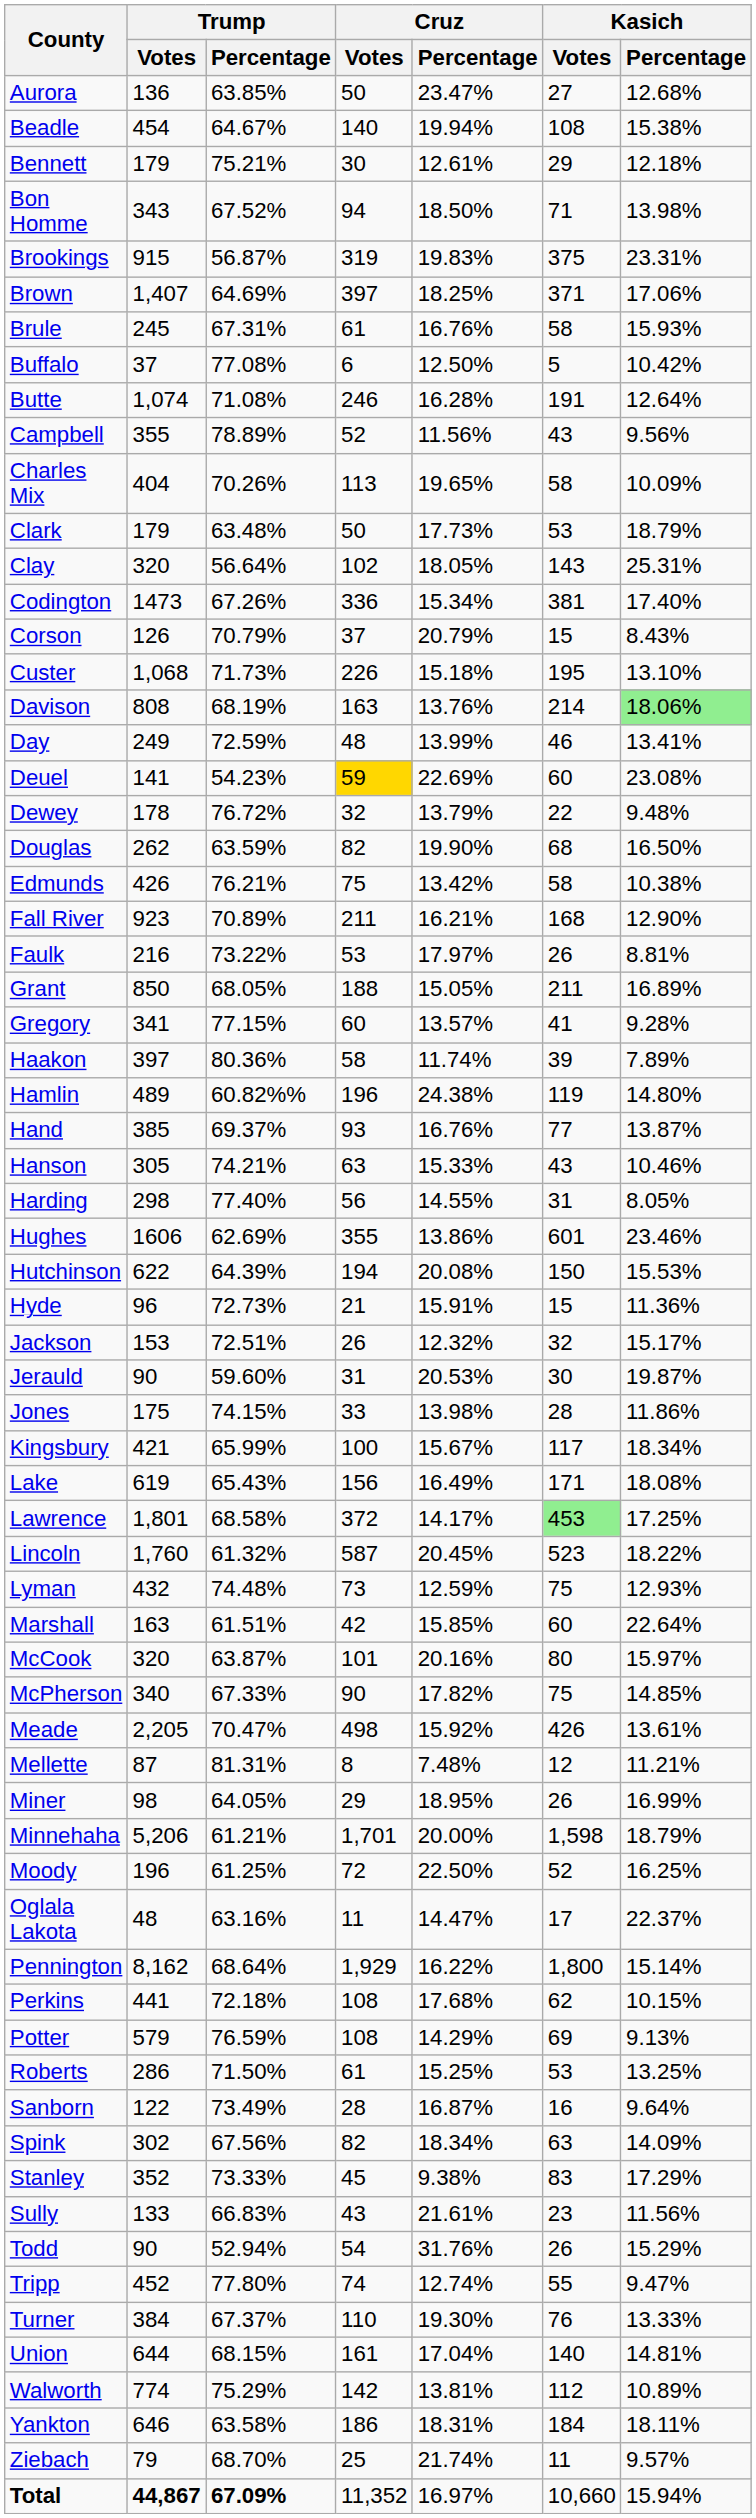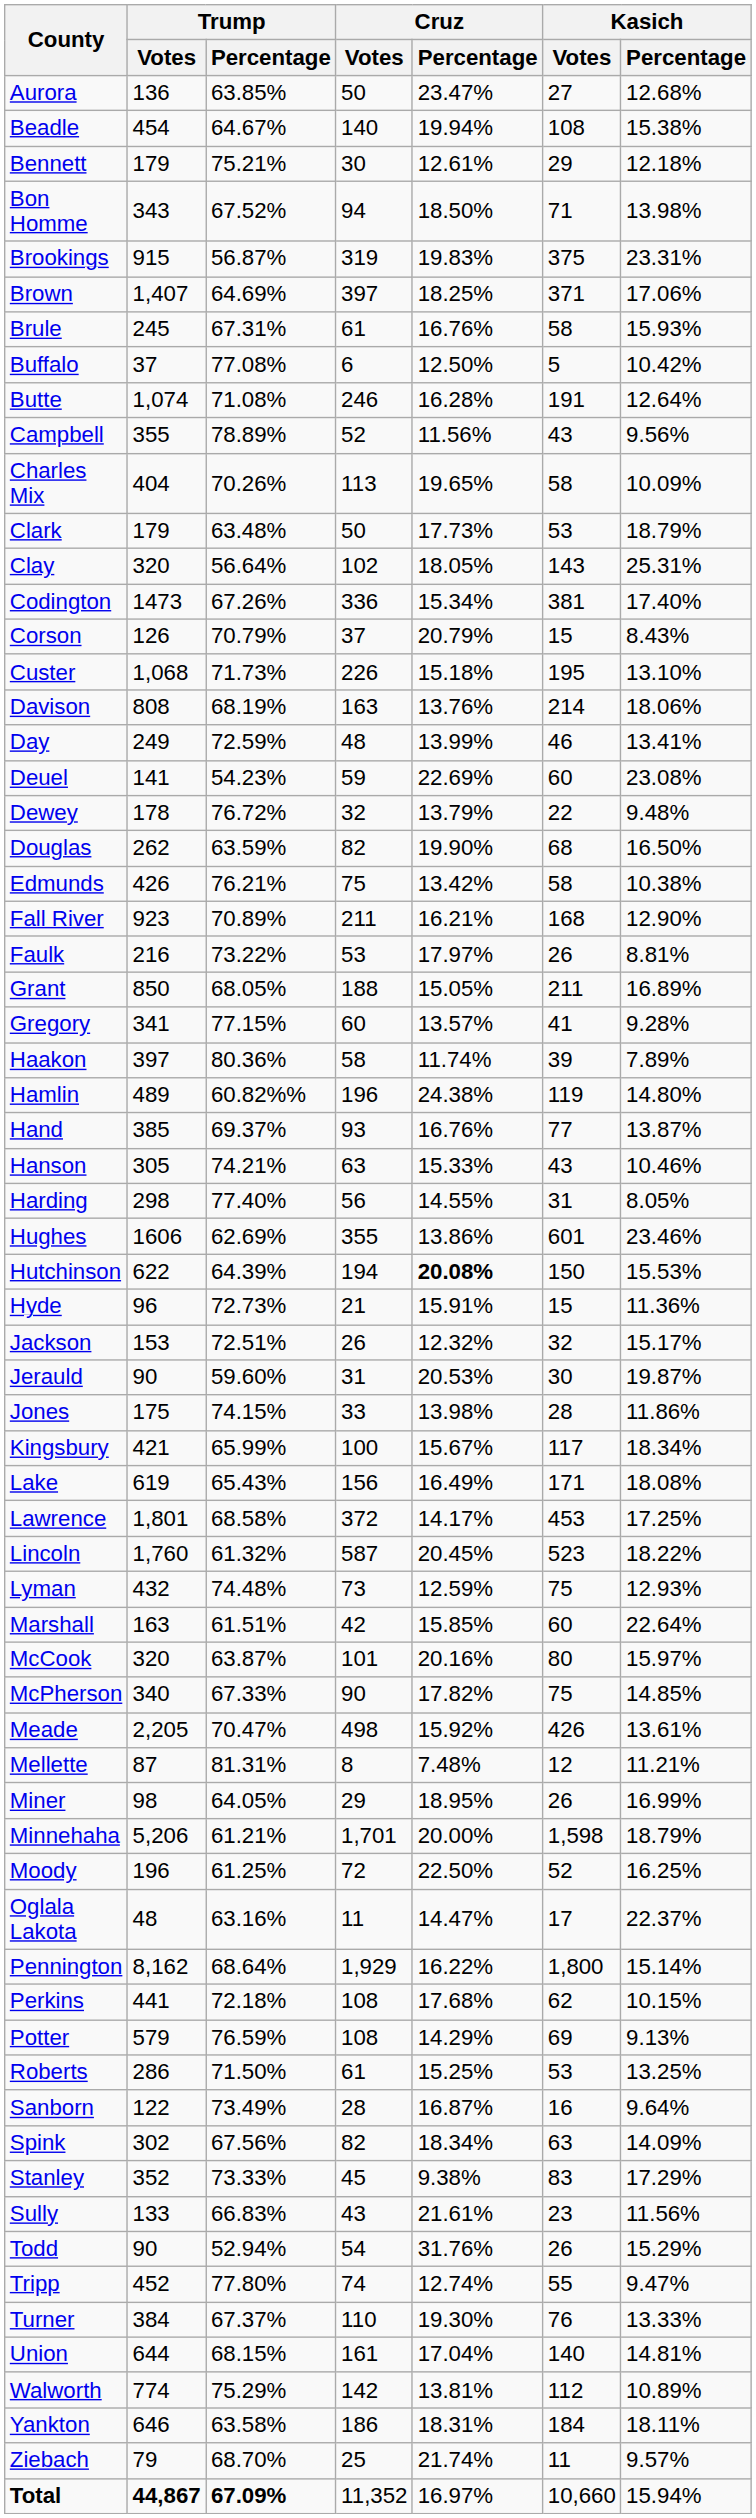 <table width="60%" class="wikitable sortable">
 <tr>
 <th rowspan="2">County</th>
 <th colspan="2">Trump</th>
 <th colspan="2">Cruz</th>
 <th colspan="2">Kasich</th>
 </tr>
 <tr bgcolor="lightgrey">
 <th width="10%">Votes</th>
 <th width="10%">Percentage</th>
 <th width="10%">Votes</th>
 <th width="10%">Percentage</th>
 <th width="10%">Votes</th>
 <th width="10%">Percentage</th>
 </tr>
 <tr>
 <td><a href='#'>Aurora</a></td>
 <td>136</td>
 <td>63.85%</td>
 <td>50</td>
 <td>23.47%</td>
 <td>27</td>
 <td>12.68%</td>
 </tr>
 <tr>
 <td><a href='#'>Beadle</a></td>
 <td>454</td>
 <td>64.67%</td>
 <td>140</td>
 <td>19.94%</td>
 <td>108</td>
 <td>15.38%</td>
 </tr>
 <tr>
 <td><a href='#'>Bennett</a></td>
 <td>179</td>
 <td>75.21%</td>
 <td>30</td>
 <td>12.61%</td>
 <td>29</td>
 <td>12.18%</td>
 </tr>
 <tr>
 <td><a href='#'>Bon Homme</a></td>
 <td>343</td>
 <td>67.52%</td>
 <td>94</td>
 <td>18.50%</td>
 <td>71</td>
 <td>13.98%</td>
 </tr>
 <tr>
 <td><a href='#'>Brookings</a></td>
 <td>915</td>
 <td>56.87%</td>
 <td>319</td>
 <td>19.83%</td>
 <td>375</td>
 <td>23.31%</td>
 </tr>
 <tr>
 <td><a href='#'>Brown</a></td>
 <td>1,407</td>
 <td>64.69%</td>
 <td>397</td>
 <td>18.25%</td>
 <td>371</td>
 <td>17.06%</td>
 </tr>
 <tr>
 <td><a href='#'>Brule</a></td>
 <td>245</td>
 <td>67.31%</td>
 <td>61</td>
 <td>16.76%</td>
 <td>58</td>
 <td>15.93%</td>
 </tr>
 <tr>
 <td><a href='#'>Buffalo</a></td>
 <td>37</td>
 <td>77.08%</td>
 <td>6</td>
 <td>12.50%</td>
 <td>5</td>
 <td>10.42%</td>
 </tr>
 <tr>
 <td><a href='#'>Butte</a></td>
 <td>1,074</td>
 <td>71.08%</td>
 <td>246</td>
 <td>16.28%</td>
 <td>191</td>
 <td>12.64%</td>
 </tr>
 <tr>
 <td><a href='#'>Campbell</a></td>
 <td>355</td>
 <td>78.89%</td>
 <td>52</td>
 <td>11.56%</td>
 <td>43</td>
 <td>9.56%</td>
 </tr>
 <tr>
 <td><a href='#'>Charles Mix</a></td>
 <td>404</td>
 <td>70.26%</td>
 <td>113</td>
 <td>19.65%</td>
 <td>58</td>
 <td>10.09%</td>
 </tr>
 <tr>
 <td><a href='#'>Clark</a></td>
 <td>179</td>
 <td>63.48%</td>
 <td>50</td>
 <td>17.73%</td>
 <td>53</td>
 <td>18.79%</td>
 </tr>
 <tr>
 <td><a href='#'>Clay</a></td>
 <td>320</td>
 <td>56.64%</td>
 <td>102</td>
 <td>18.05%</td>
 <td>143</td>
 <td>25.31%</td>
 </tr>
 <tr>
 <td><a href='#'>Codington</a></td>
 <td>1473</td>
 <td>67.26%</td>
 <td>336</td>
 <td>15.34%</td>
 <td>381</td>
 <td>17.40%</td>
 </tr>
 <tr>
 <td><a href='#'>Corson</a></td>
 <td>126</td>
 <td>70.79%</td>
 <td>37</td>
 <td>20.79%</td>
 <td>15</td>
 <td>8.43%</td>
 </tr>
 <tr>
 <td><a href='#'>Custer</a></td>
 <td>1,068</td>
 <td>71.73%</td>
 <td>226</td>
 <td>15.18%</td>
 <td>195</td>
 <td>13.10%</td>
 </tr>
 <tr>
 <td><a href='#'>Davison</a></td>
 <td>808</td>
 <td>68.19%</td>
 <td>163</td>
 <td>13.76%</td>
 <td>214</td>
-<td style="background: lightgreen;">18.06%</td>
+<td>18.06%</td>
 </tr>
 <tr>
 <td><a href='#'>Day</a></td>
 <td>249</td>
 <td>72.59%</td>
 <td>48</td>
 <td>13.99%</td>
 <td>46</td>
 <td>13.41%</td>
 </tr>
 <tr>
 <td><a href='#'>Deuel</a></td>
 <td>141</td>
 <td>54.23%</td>
-<td style="background: gold;">59</td>
+<td>59</td>
 <td>22.69%</td>
 <td>60</td>
 <td>23.08%</td>
 </tr>
 <tr>
 <td><a href='#'>Dewey</a></td>
 <td>178</td>
 <td>76.72%</td>
 <td>32</td>
 <td>13.79%</td>
 <td>22</td>
 <td>9.48%</td>
 </tr>
 <tr>
 <td><a href='#'>Douglas</a></td>
 <td>262</td>
 <td>63.59%</td>
 <td>82</td>
 <td>19.90%</td>
 <td>68</td>
 <td>16.50%</td>
 </tr>
 <tr>
 <td><a href='#'>Edmunds</a></td>
 <td>426</td>
 <td>76.21%</td>
 <td>75</td>
 <td>13.42%</td>
 <td>58</td>
 <td>10.38%</td>
 </tr>
 <tr>
 <td><a href='#'>Fall River</a></td>
 <td>923</td>
 <td>70.89%</td>
 <td>211</td>
 <td>16.21%</td>
 <td>168</td>
 <td>12.90%</td>
 </tr>
 <tr>
 <td><a href='#'>Faulk</a></td>
 <td>216</td>
 <td>73.22%</td>
 <td>53</td>
 <td>17.97%</td>
 <td>26</td>
 <td>8.81%</td>
 </tr>
 <tr>
 <td><a href='#'>Grant</a></td>
 <td>850</td>
 <td>68.05%</td>
 <td>188</td>
 <td>15.05%</td>
 <td>211</td>
 <td>16.89%</td>
 </tr>
 <tr>
 <td><a href='#'>Gregory</a></td>
 <td>341</td>
 <td>77.15%</td>
 <td>60</td>
 <td>13.57%</td>
 <td>41</td>
 <td>9.28%</td>
 </tr>
 <tr>
 <td><a href='#'>Haakon</a></td>
 <td>397</td>
 <td>80.36%</td>
 <td>58</td>
 <td>11.74%</td>
 <td>39</td>
 <td>7.89%</td>
 </tr>
 <tr>
 <td><a href='#'>Hamlin</a></td>
 <td>489</td>
 <td>60.82%%</td>
 <td>196</td>
 <td>24.38%</td>
 <td>119</td>
 <td>14.80%</td>
 </tr>
 <tr>
 <td><a href='#'>Hand</a></td>
 <td>385</td>
 <td>69.37%</td>
 <td>93</td>
 <td>16.76%</td>
 <td>77</td>
 <td>13.87%</td>
 </tr>
 <tr>
 <td><a href='#'>Hanson</a></td>
 <td>305</td>
 <td>74.21%</td>
 <td>63</td>
 <td>15.33%</td>
 <td>43</td>
 <td>10.46%</td>
 </tr>
 <tr>
 <td><a href='#'>Harding</a></td>
 <td>298</td>
 <td>77.40%</td>
 <td>56</td>
 <td>14.55%</td>
 <td>31</td>
 <td>8.05%</td>
 </tr>
 <tr>
 <td><a href='#'>Hughes</a></td>
 <td>1606</td>
 <td>62.69%</td>
 <td>355</td>
 <td>13.86%</td>
 <td>601</td>
 <td>23.46%</td>
 </tr>
 <tr>
 <td><a href='#'>Hutchinson</a></td>
 <td>622</td>
 <td>64.39%</td>
 <td>194</td>
-<td>20.08%</td>
+<td><strong>20.08%</strong></td>
 <td>150</td>
 <td>15.53%</td>
 </tr>
 <tr>
 <td><a href='#'>Hyde</a></td>
 <td>96</td>
 <td>72.73%</td>
 <td>21</td>
 <td>15.91%</td>
 <td>15</td>
 <td>11.36%</td>
 </tr>
 <tr>
 <td><a href='#'>Jackson</a></td>
 <td>153</td>
 <td>72.51%</td>
 <td>26</td>
 <td>12.32%</td>
 <td>32</td>
 <td>15.17%</td>
 </tr>
 <tr>
 <td><a href='#'>Jerauld</a></td>
 <td>90</td>
 <td>59.60%</td>
 <td>31</td>
 <td>20.53%</td>
 <td>30</td>
 <td>19.87%</td>
 </tr>
 <tr>
 <td><a href='#'>Jones</a></td>
 <td>175</td>
 <td>74.15%</td>
 <td>33</td>
 <td>13.98%</td>
 <td>28</td>
 <td>11.86%</td>
 </tr>
 <tr>
 <td><a href='#'>Kingsbury</a></td>
 <td>421</td>
 <td>65.99%</td>
 <td>100</td>
 <td>15.67%</td>
 <td>117</td>
 <td>18.34%</td>
 </tr>
 <tr>
 <td><a href='#'>Lake</a></td>
 <td>619</td>
 <td>65.43%</td>
 <td>156</td>
 <td>16.49%</td>
 <td>171</td>
 <td>18.08%</td>
 </tr>
 <tr>
 <td><a href='#'>Lawrence</a></td>
 <td>1,801</td>
 <td>68.58%</td>
 <td>372</td>
 <td>14.17%</td>
-<td style="background: lightgreen;">453</td>
+<td>453</td>
 <td>17.25%</td>
 </tr>
 <tr>
 <td><a href='#'>Lincoln</a></td>
 <td>1,760</td>
 <td>61.32%</td>
 <td>587</td>
 <td>20.45%</td>
 <td>523</td>
 <td>18.22%</td>
 </tr>
 <tr>
 <td><a href='#'>Lyman</a></td>
 <td>432</td>
 <td>74.48%</td>
 <td>73</td>
 <td>12.59%</td>
 <td>75</td>
 <td>12.93%</td>
 </tr>
 <tr>
 <td><a href='#'>Marshall</a></td>
 <td>163</td>
 <td>61.51%</td>
 <td>42</td>
 <td>15.85%</td>
 <td>60</td>
 <td>22.64%</td>
 </tr>
 <tr>
 <td><a href='#'>McCook</a></td>
 <td>320</td>
 <td>63.87%</td>
 <td>101</td>
 <td>20.16%</td>
 <td>80</td>
 <td>15.97%</td>
 </tr>
 <tr>
 <td><a href='#'>McPherson</a></td>
 <td>340</td>
 <td>67.33%</td>
 <td>90</td>
 <td>17.82%</td>
 <td>75</td>
 <td>14.85%</td>
 </tr>
 <tr>
 <td><a href='#'>Meade</a></td>
 <td>2,205</td>
 <td>70.47%</td>
 <td>498</td>
 <td>15.92%</td>
 <td>426</td>
 <td>13.61%</td>
 </tr>
 <tr>
 <td><a href='#'>Mellette</a></td>
 <td>87</td>
 <td>81.31%</td>
 <td>8</td>
 <td>7.48%</td>
 <td>12</td>
 <td>11.21%</td>
 </tr>
 <tr>
 <td><a href='#'>Miner</a></td>
 <td>98</td>
 <td>64.05%</td>
 <td>29</td>
 <td>18.95%</td>
 <td>26</td>
 <td>16.99%</td>
 </tr>
 <tr>
 <td><a href='#'>Minnehaha</a></td>
 <td>5,206</td>
 <td>61.21%</td>
 <td>1,701</td>
 <td>20.00%</td>
 <td>1,598</td>
 <td>18.79%</td>
 </tr>
 <tr>
 <td><a href='#'>Moody</a></td>
 <td>196</td>
 <td>61.25%</td>
 <td>72</td>
 <td>22.50%</td>
 <td>52</td>
 <td>16.25%</td>
 </tr>
 <tr>
 <td><a href='#'>Oglala Lakota</a></td>
 <td>48</td>
 <td>63.16%</td>
 <td>11</td>
 <td>14.47%</td>
 <td>17</td>
 <td>22.37%</td>
 </tr>
 <tr>
 <td><a href='#'>Pennington</a></td>
 <td>8,162</td>
 <td>68.64%</td>
 <td>1,929</td>
 <td>16.22%</td>
 <td>1,800</td>
 <td>15.14%</td>
 </tr>
 <tr>
 <td><a href='#'>Perkins</a></td>
 <td>441</td>
 <td>72.18%</td>
 <td>108</td>
 <td>17.68%</td>
 <td>62</td>
 <td>10.15%</td>
 </tr>
 <tr>
 <td><a href='#'>Potter</a></td>
 <td>579</td>
 <td>76.59%</td>
 <td>108</td>
 <td>14.29%</td>
 <td>69</td>
 <td>9.13%</td>
 </tr>
 <tr>
 <td><a href='#'>Roberts</a></td>
 <td>286</td>
 <td>71.50%</td>
 <td>61</td>
 <td>15.25%</td>
 <td>53</td>
 <td>13.25%</td>
 </tr>
 <tr>
 <td><a href='#'>Sanborn</a></td>
 <td>122</td>
 <td>73.49%</td>
 <td>28</td>
 <td>16.87%</td>
 <td>16</td>
 <td>9.64%</td>
 </tr>
 <tr>
 <td><a href='#'>Spink</a></td>
 <td>302</td>
 <td>67.56%</td>
 <td>82</td>
 <td>18.34%</td>
 <td>63</td>
 <td>14.09%</td>
 </tr>
 <tr>
 <td><a href='#'>Stanley</a></td>
 <td>352</td>
 <td>73.33%</td>
 <td>45</td>
 <td>9.38%</td>
 <td>83</td>
 <td>17.29%</td>
 </tr>
 <tr>
 <td><a href='#'>Sully</a></td>
 <td>133</td>
 <td>66.83%</td>
 <td>43</td>
 <td>21.61%</td>
 <td>23</td>
 <td>11.56%</td>
 </tr>
 <tr>
 <td><a href='#'>Todd</a></td>
 <td>90</td>
 <td>52.94%</td>
 <td>54</td>
 <td>31.76%</td>
 <td>26</td>
 <td>15.29%</td>
 </tr>
 <tr>
 <td><a href='#'>Tripp</a></td>
 <td>452</td>
 <td>77.80%</td>
 <td>74</td>
 <td>12.74%</td>
 <td>55</td>
 <td>9.47%</td>
 </tr>
 <tr>
 <td><a href='#'>Turner</a></td>
 <td>384</td>
 <td>67.37%</td>
 <td>110</td>
 <td>19.30%</td>
 <td>76</td>
 <td>13.33%</td>
 </tr>
 <tr>
 <td><a href='#'>Union</a></td>
 <td>644</td>
 <td>68.15%</td>
 <td>161</td>
 <td>17.04%</td>
 <td>140</td>
 <td>14.81%</td>
 </tr>
 <tr>
 <td><a href='#'>Walworth</a></td>
 <td>774</td>
 <td>75.29%</td>
 <td>142</td>
 <td>13.81%</td>
 <td>112</td>
 <td>10.89%</td>
 </tr>
 <tr>
 <td><a href='#'>Yankton</a></td>
 <td>646</td>
 <td>63.58%</td>
 <td>186</td>
 <td>18.31%</td>
 <td>184</td>
 <td>18.11%</td>
 </tr>
 <tr>
 <td><a href='#'>Ziebach</a></td>
 <td>79</td>
 <td>68.70%</td>
 <td>25</td>
 <td>21.74%</td>
 <td>11</td>
 <td>9.57%</td>
 </tr>
 <tr>
 <td><strong>Total</strong></td>
 <td><strong>44,867</strong></td>
 <td><strong>67.09%</strong></td>
 <td>11,352</td>
 <td>16.97%</td>
 <td>10,660</td>
 <td>15.94%</td>
 </tr>
 </table>
